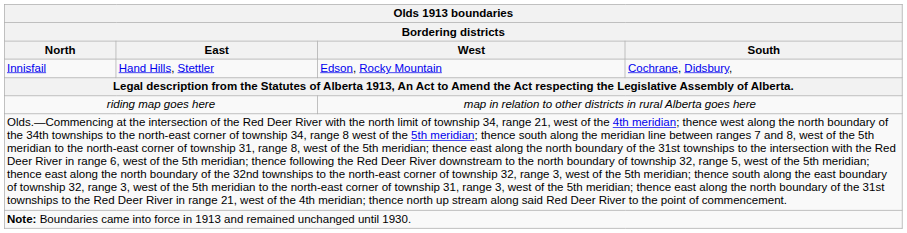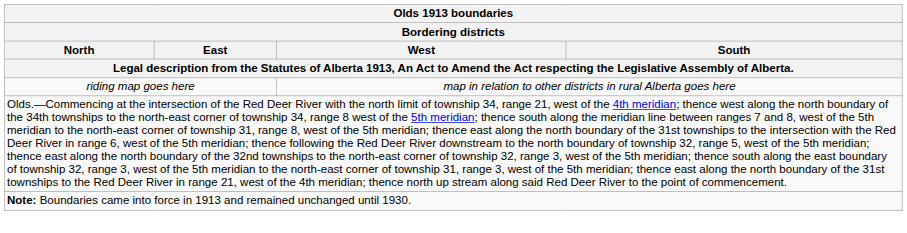 <table class="wikitable collapsible collapsed">
 <tr>
 <th colspan=4>Olds 1913 boundaries</th>
 </tr>
 <tr>
 <th colspan=4>Bordering districts</th>
 </tr>
 <tr>
 <th>North</th>
 <th>East</th>
 <th>West</th>
 <th>South</th>
-</tr>
-<tr>
-<td><a href='#'>Innisfail</a></td>
-<td><a href='#'>Hand Hills</a>, <a href='#'>Stettler</a></td>
-<td><a href='#'>Edson</a>, <a href='#'>Rocky Mountain</a></td>
-<td><a href='#'>Cochrane</a>, <a href='#'>Didsbury</a>,</td>
 </tr>
 <tr>
 <th colspan=4>Legal description from the Statutes of Alberta 1913, An Act to Amend the Act respecting the Legislative Assembly of Alberta.</th>
 </tr>
 <tr>
 <td colspan=2 align=center><em>riding map goes here</em></td>
 <td colspan=2 align=center><em>map in relation to other districts in rural Alberta goes here</em></td>
 </tr>
 <tr>
 <td colspan=4>Olds.—Commencing at the intersection of the Red Deer River with the north limit of township 34, range 21, west of the <a href='#'>4th meridian</a>; thence west along the north boundary of the 34th townships to the north-east corner of township 34, range 8 west of the <a href='#'>5th meridian</a>; thence south along the meridian line between ranges 7 and 8, west of the 5th meridian to the north-east corner of township 31, range 8, west of the 5th meridian; thence east along the north boundary of the 31st townships to the intersection with the Red Deer River in range 6, west of the 5th meridian; thence following the Red Deer River downstream to the north boundary of township 32, range 5, west of the 5th meridian; thence east along the north boundary of the 32nd townships to the north-east corner of township 32, range 3, west of the 5th meridian; thence south along the east boundary of township 32, range 3, west of the 5th meridian to the north-east corner of township 31, range 3, west of the 5th meridian; thence east along the north boundary of the 31st townships to the Red Deer River in range 21, west of the 4th meridian; thence north up stream along said Red Deer River to the point of commencement.</td>
 </tr>
 <tr>
 <td colspan=4><strong>Note:</strong> Boundaries came into force in 1913 and remained unchanged until 1930.</td>
 </tr>
 </table>
